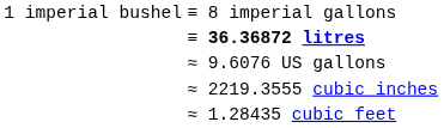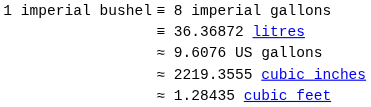 <table>
 <tr>
 <td rowspan=7 valign=top>1 imperial bushel</td>
 <td>≡ 8 imperial gallons</td>
 </tr>
 <tr>
-<td><strong>≡ 36.36872 <a href='#'>litres</a></strong></td>
+<td>≡ 36.36872 <a href='#'>litres</a></td>
 </tr>
 <tr>
 <td>≈ 9.6076 US gallons</td>
 </tr>
 <tr>
 <td>≈ 2219.3555 <a href='#'>cubic inches</a></td>
 </tr>
 <tr>
 <td>≈ 1.28435 <a href='#'>cubic feet</a></td>
 </tr>
 </table>
